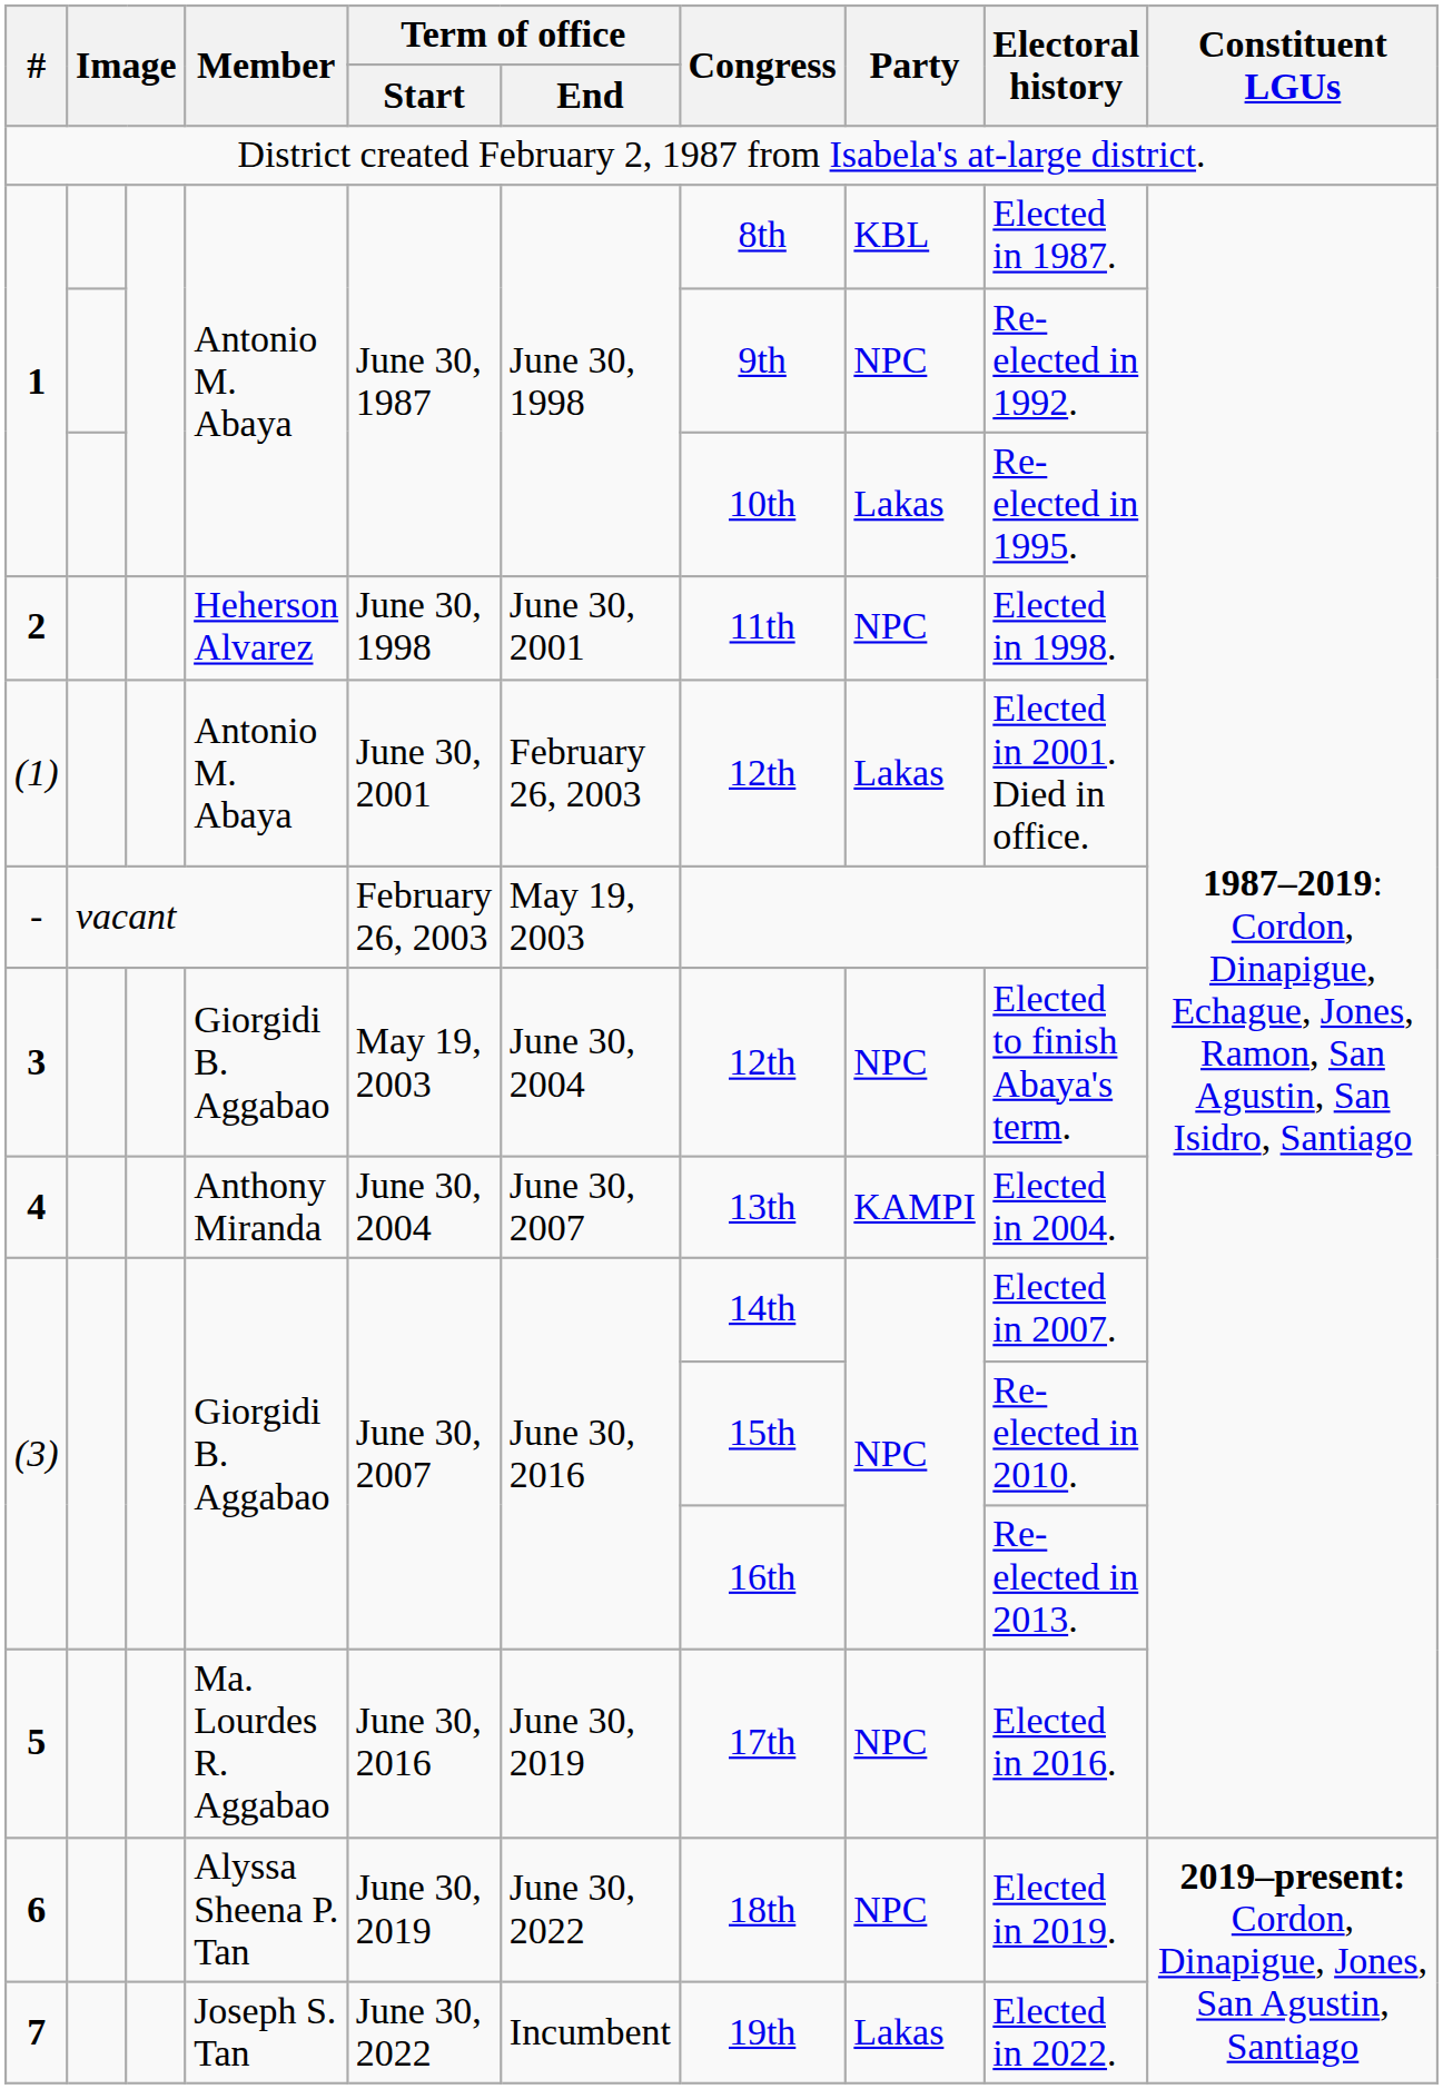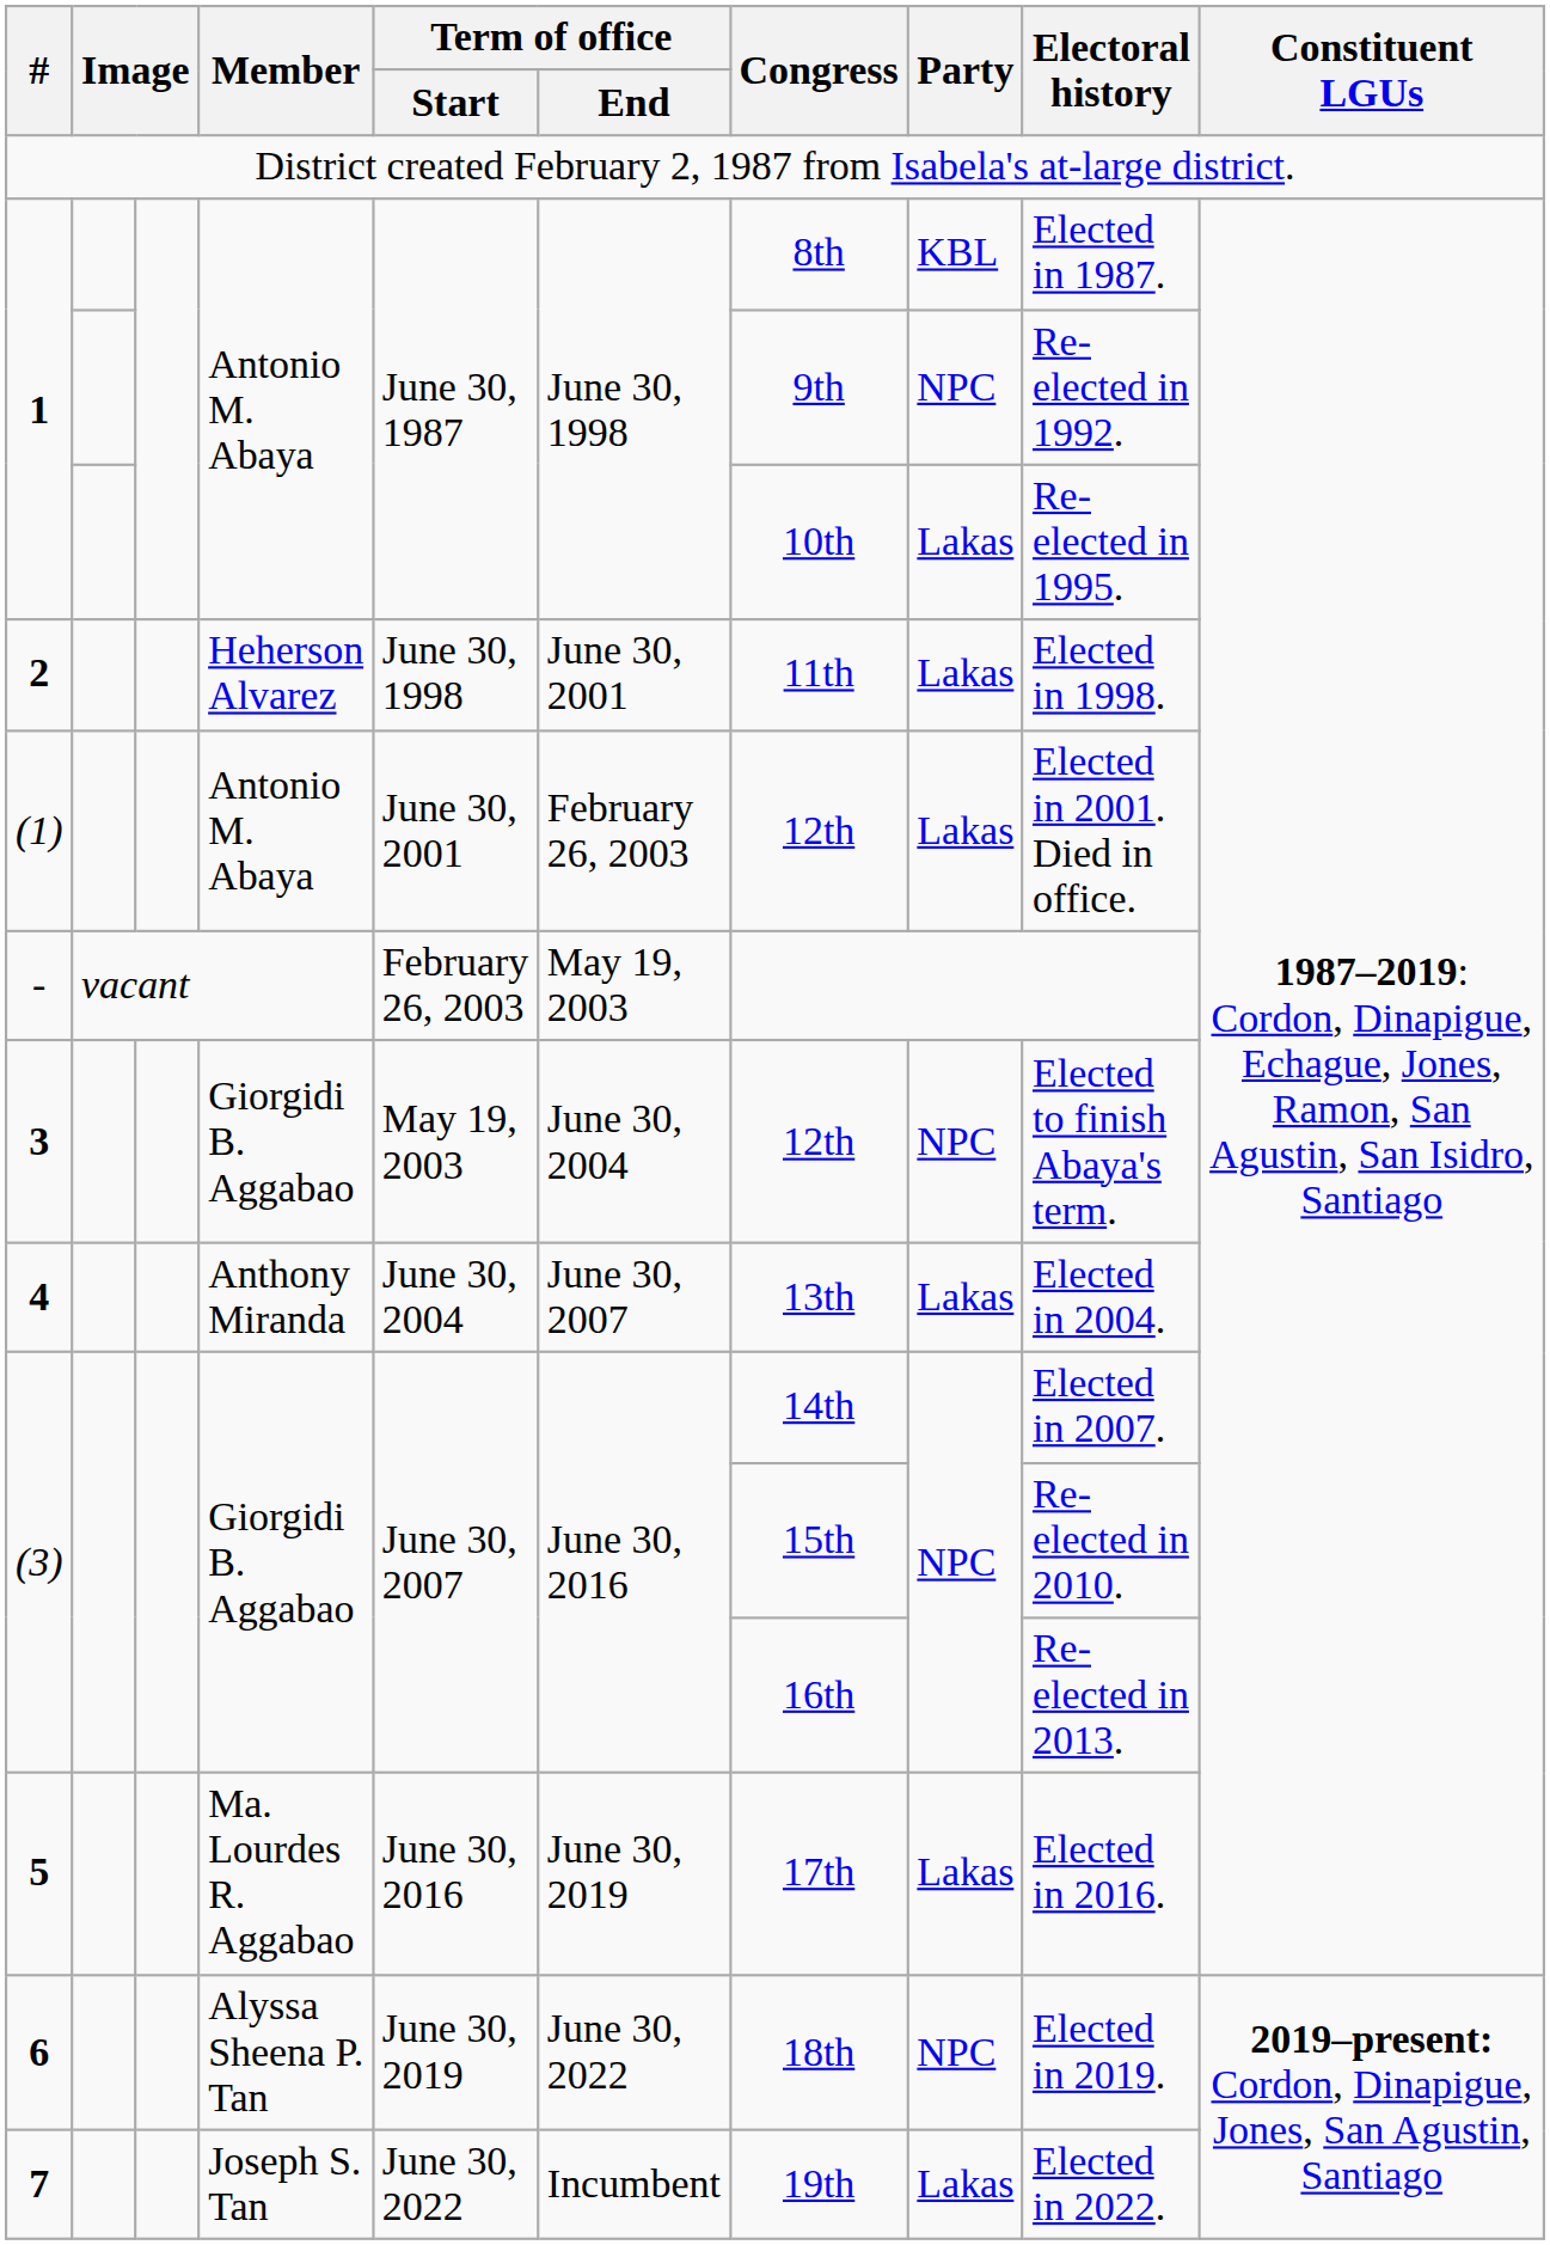 <table class="wikitable">
 <tr>
 <th rowspan="2">#</th>
 <th colspan="2" rowspan="2">Image</th>
 <th rowspan="2">Member</th>
 <th colspan="2">Term of office</th>
 <th rowspan="2">Congress</th>
 <th rowspan="2">Party</th>
 <th rowspan="2">Electoral history</th>
 <th rowspan="2" width="33%">Constituent<br><a href='#'>LGUs</a></th>
 </tr>
 <tr>
 <th>Start</th>
 <th>End</th>
 </tr>
 <tr>
 <td colspan="10" style="text-align:center;">District created February 2, 1987 from <a href='#'>Isabela's at-large district</a>.</td>
 </tr>
 <tr>
 <td rowspan="3" style="text-align:center;"><strong>1</strong></td>
 <td style="color:inherit;background:"></td>
 <td rowspan="3"></td>
 <td rowspan="3">Antonio M. Abaya</td>
 <td rowspan="3">June 30, 1987</td>
 <td rowspan="3">June 30, 1998</td>
 <td style="text-align:center;"><a href='#'>8th</a></td>
 <td><a href='#'>KBL</a></td>
 <td><a href='#'>Elected in 1987</a>.</td>
 <td rowspan="12" align="center"><strong>1987–2019</strong>:<br><a href='#'>Cordon</a>, <a href='#'>Dinapigue</a>, <a href='#'>Echague</a>, <a href='#'>Jones</a>, <a href='#'>Ramon</a>, <a href='#'>San Agustin</a>, <a href='#'>San Isidro</a>, <a href='#'>Santiago</a></td>
 </tr>
 <tr>
 <td style="color:inherit;background:"></td>
 <td style="text-align:center;"><a href='#'>9th</a></td>
 <td><a href='#'>NPC</a></td>
 <td><a href='#'>Re-elected in 1992</a>.</td>
 </tr>
 <tr>
 <td style="color:inherit;background:"></td>
 <td style="text-align:center;"><a href='#'>10th</a></td>
 <td><a href='#'>Lakas</a></td>
 <td><a href='#'>Re-elected in 1995</a>.</td>
 </tr>
 <tr>
 <td style="text-align:center;"><strong>2</strong></td>
 <td style="color:inherit;background:"></td>
 <td></td>
 <td><a href='#'>Heherson Alvarez</a></td>
 <td>June 30, 1998</td>
 <td>June 30, 2001</td>
 <td style="text-align:center;"><a href='#'>11th</a></td>
-<td><a href='#'>NPC</a></td>
+<td><a href='#'>Lakas</a></td>
 <td><a href='#'>Elected in 1998</a>.</td>
 </tr>
 <tr>
 <td style="text-align:center;"><em>(1)</em></td>
 <td style="color:inherit;background:"></td>
 <td></td>
 <td>Antonio M. Abaya</td>
 <td>June 30, 2001</td>
 <td>February 26, 2003</td>
 <td style="text-align:center;"><a href='#'>12th</a></td>
 <td><a href='#'>Lakas</a></td>
 <td><a href='#'>Elected in 2001</a>.<br>Died in office.</td>
 </tr>
 <tr>
 <td style="text-align:center;">-</td>
 <td colspan="3"><em>vacant</em></td>
 <td>February 26, 2003</td>
 <td>May 19, 2003</td>
 <td colspan="3"></td>
 </tr>
 <tr>
 <td style="text-align:center;"><strong>3</strong></td>
 <td style="color:inherit;background:"></td>
 <td></td>
 <td>Giorgidi B. Aggabao</td>
 <td>May 19, 2003</td>
 <td>June 30, 2004</td>
 <td style="text-align:center;"><a href='#'>12th</a></td>
 <td><a href='#'>NPC</a></td>
 <td><a href='#'>Elected to finish Abaya's term</a>.</td>
 </tr>
 <tr>
 <td style="text-align:center;"><strong>4</strong></td>
 <td style="color:inherit;background:"></td>
 <td></td>
 <td>Anthony Miranda</td>
 <td>June 30, 2004</td>
 <td>June 30, 2007</td>
 <td style="text-align:center;"><a href='#'>13th</a></td>
-<td><a href='#'>KAMPI</a></td>
+<td><a href='#'>Lakas</a></td>
 <td><a href='#'>Elected in 2004</a>.</td>
 </tr>
 <tr>
 <td rowspan="3" style="text-align:center;"><em>(3)</em></td>
 <td rowspan="3" style="color:inherit;background:"></td>
 <td rowspan="3"></td>
 <td rowspan="3">Giorgidi B. Aggabao</td>
 <td rowspan="3">June 30, 2007</td>
 <td rowspan="3">June 30, 2016</td>
 <td style="text-align:center;"><a href='#'>14th</a></td>
 <td rowspan="3"><a href='#'>NPC</a></td>
 <td><a href='#'>Elected in 2007</a>.</td>
 </tr>
 <tr>
 <td style="text-align:center;"><a href='#'>15th</a></td>
 <td><a href='#'>Re-elected in 2010</a>.</td>
 </tr>
 <tr>
 <td style="text-align:center;"><a href='#'>16th</a></td>
 <td><a href='#'>Re-elected in 2013</a>.</td>
 </tr>
 <tr>
 <td style="text-align:center;"><strong>5</strong></td>
 <td style="color:inherit;background:"></td>
 <td></td>
 <td>Ma. Lourdes R. Aggabao</td>
 <td>June 30, 2016</td>
 <td>June 30, 2019</td>
 <td style="text-align:center;"><a href='#'>17th</a></td>
-<td><a href='#'>NPC</a></td>
+<td><a href='#'>Lakas</a></td>
 <td><a href='#'>Elected in 2016</a>.</td>
 </tr>
 <tr>
 <td style="text-align:center;"><strong>6</strong></td>
 <td style="color:inherit;background:"></td>
 <td></td>
 <td>Alyssa Sheena P. Tan</td>
 <td>June 30, 2019</td>
 <td>June 30, 2022</td>
 <td style="text-align:center;"><a href='#'>18th</a></td>
 <td><a href='#'>NPC</a></td>
 <td><a href='#'>Elected in 2019</a>.</td>
 <td rowspan="2" align="center"><strong>2019–present:</strong><br><a href='#'>Cordon</a>, <a href='#'>Dinapigue</a>, <a href='#'>Jones</a>, <a href='#'>San Agustin</a>, <a href='#'>Santiago</a></td>
 </tr>
 <tr>
 <td style="text-align:center;"><strong>7</strong></td>
 <td style="color:inherit;background:"></td>
 <td></td>
 <td>Joseph S. Tan</td>
 <td>June 30, 2022</td>
 <td>Incumbent</td>
 <td style="text-align:center;"><a href='#'>19th</a></td>
 <td><a href='#'>Lakas</a></td>
 <td><a href='#'>Elected in 2022</a>.</td>
 </tr>
 </table>
